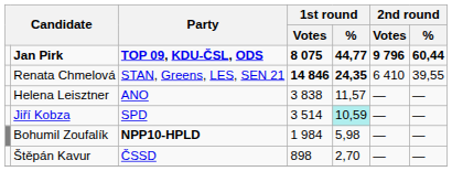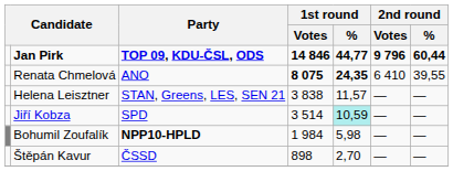 <table class="wikitable sortable">
 <tr>
 <th colspan="2" rowspan="2">Candidate</th>
 <th rowspan="2">Party</th>
 <th colspan="2">1st round</th>
 <th colspan="2">2nd round</th>
 </tr>
 <tr>
 <th>Votes</th>
 <th>%</th>
 <th>Votes</th>
 <th>%</th>
 </tr>
 <tr>
 <td style="background-color:"></td>
 <td><strong>Jan Pirk</strong></td>
 <td><strong><a href='#'>TOP 09</a>, <a href='#'>KDU-ČSL</a>, <a href='#'>ODS</a></strong></td>
-<td><strong>8 075</strong></td>
+<td><strong>14 846</strong></td>
 <td><strong>44,77</strong></td>
 <td><strong>9 796</strong></td>
 <td><strong>60,44</strong></td>
 </tr>
 <tr>
 <td style="background-color:"></td>
 <td>Renata Chmelová</td>
-<td><a href='#'>STAN</a>, <a href='#'>Greens</a>, <a href='#'>LES</a>, <a href='#'>SEN 21</a></td>
-<td><strong>14 846</strong></td>
+<td><a href='#'>ANO</a></td>
+<td><strong>8 075</strong></td>
 <td><strong>24,35</strong></td>
 <td>6 410</td>
 <td>39,55</td>
 </tr>
 <tr>
 <td style="background-color:"></td>
 <td>Helena Leisztner</td>
-<td><a href='#'>ANO</a></td>
+<td><a href='#'>STAN</a>, <a href='#'>Greens</a>, <a href='#'>LES</a>, <a href='#'>SEN 21</a></td>
 <td>3 838</td>
 <td>11,57</td>
 <td>—</td>
 <td>—</td>
 </tr>
 <tr>
 <td style="background-color:"></td>
 <td><a href='#'>Jiří Kobza</a></td>
 <td><a href='#'>SPD</a></td>
 <td>3 514</td>
 <td style="background: paleturquoise;">10,59</td>
 <td>—</td>
 <td>—</td>
 </tr>
 <tr>
 <td style="background-color:gray;"></td>
 <td>Bohumil Zoufalík</td>
 <td><strong>NPP10-HPLD</strong></td>
 <td>1 984</td>
 <td>5,98</td>
 <td>—</td>
 <td>—</td>
 </tr>
 <tr>
 <td style="background-color:"></td>
 <td>Štěpán Kavur</td>
 <td><a href='#'>ČSSD</a></td>
 <td>898</td>
 <td>2,70</td>
 <td>—</td>
 <td>—</td>
 </tr>
 <tr>
 </tr>
 </table>
